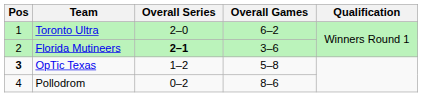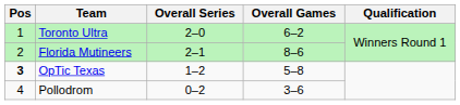 <table class="wikitable" width="600px" style="text-align:center">
 <tr>
 <th>Pos</th>
 <th>Team</th>
 <th>Overall Series</th>
 <th>Overall Games</th>
 <th>Qualification</th>
 </tr>
 <tr style="background:#BBF3BB">
 <td>1</td>
 <td style="text-align:left"><a href='#'>Toronto Ultra</a></td>
 <td>2–0</td>
 <td>6–2</td>
 <td rowspan="2">Winners Round 1</td>
 </tr>
 <tr style="background:#BBF3BB">
 <td>2</td>
 <td style="text-align:left"><a href='#'>Florida Mutineers</a></td>
-<td><strong>2–1</strong></td>
-<td>3–6</td>
+<td>2–1</td>
+<td>8–6</td>
 </tr>
 <tr>
 <td><strong>3</strong></td>
 <td style="text-align:left;"><a href='#'>OpTic Texas</a></td>
 <td>1–2</td>
 <td>5–8</td>
 </tr>
 <tr>
 <td>4</td>
 <td style="text-align:left;">Pollodrom</td>
 <td>0–2</td>
-<td>8–6</td>
+<td>3–6</td>
 </tr>
 </table>
